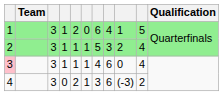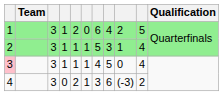 <table class="wikitable">
 <tr>
 <th></th>
 <th>Team</th>
 <th></th>
 <th></th>
 <th></th>
 <th></th>
 <th></th>
 <th></th>
 <th></th>
 <th></th>
 <th>Qualification</th>
 </tr>
 <tr bgcolor=lightgreen>
 <td>1</td>
 <td></td>
 <td>3</td>
 <td>1</td>
 <td>2</td>
 <td>0</td>
 <td>6</td>
 <td>4</td>
-<td>1</td>
+<td>2</td>
 <td>5</td>
 <td rowspan=2>Quarterfinals</td>
 </tr>
 <tr bgcolor=lightgreen>
 <td>2</td>
 <td></td>
 <td>3</td>
 <td>1</td>
 <td>1</td>
 <td>1</td>
 <td>5</td>
 <td>3</td>
-<td>2</td>
+<td>1</td>
 <td>4</td>
 </tr>
 <tr>
 <td style="background: pink;">3</td>
 <td></td>
 <td>3</td>
 <td>1</td>
 <td>1</td>
 <td>1</td>
 <td>4</td>
-<td>6</td>
+<td>5</td>
 <td>0</td>
 <td>4</td>
 <td rowspan=2></td>
 </tr>
 <tr>
 <td>4</td>
 <td></td>
 <td>3</td>
 <td>0</td>
 <td>2</td>
 <td>1</td>
 <td>3</td>
 <td>6</td>
 <td>(-3)</td>
 <td>2</td>
 </tr>
 </table>
